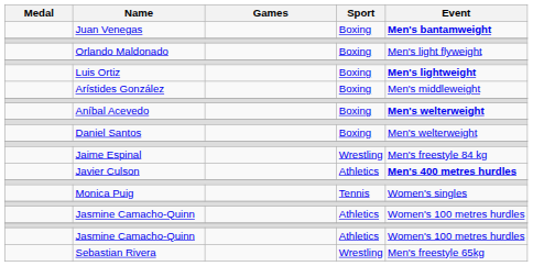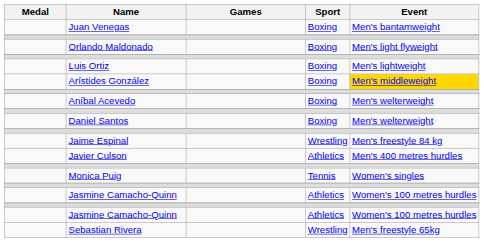 <table class="wikitable sortable">
 <tr>
 <th style="width:6em">Medal</th>
 <th style="width:12em">Name</th>
 <th style="width:12em">Games</th>
 <th>Sport</th>
 <th>Event</th>
 </tr>
 <tr>
 <td></td>
 <td><a href='#'>Juan Venegas</a></td>
 <td> </td>
 <td> <a href='#'>Boxing</a></td>
-<td><strong><a href='#'>Men's bantamweight</a></strong></td>
+<td><a href='#'>Men's bantamweight</a></td>
 </tr>
 <tr>
 </tr>
 <tr bgcolor=#DDDDDD>
 <td colspan=7></td>
 </tr>
 <tr>
 <td></td>
 <td><a href='#'>Orlando Maldonado</a></td>
 <td> </td>
 <td> <a href='#'>Boxing</a></td>
 <td><a href='#'>Men's light flyweight</a></td>
 </tr>
 <tr>
 </tr>
 <tr bgcolor=#DDDDDD>
 <td colspan=7></td>
 </tr>
 <tr>
 <td></td>
 <td><a href='#'>Luis Ortiz</a></td>
 <td> </td>
 <td> <a href='#'>Boxing</a></td>
-<td><strong><a href='#'>Men's lightweight</a></strong></td>
+<td><a href='#'>Men's lightweight</a></td>
 </tr>
 <tr>
 <td></td>
 <td><a href='#'>Arístides González</a></td>
 <td> </td>
 <td> <a href='#'>Boxing</a></td>
-<td><a href='#'>Men's middleweight</a></td>
+<td style="background: gold;"><a href='#'>Men's middleweight</a></td>
 </tr>
 <tr>
 </tr>
 <tr bgcolor=#DDDDDD>
 <td colspan=7></td>
 </tr>
 <tr>
 <td></td>
 <td><a href='#'>Aníbal Acevedo</a></td>
 <td> </td>
 <td> <a href='#'>Boxing</a></td>
-<td><strong><a href='#'>Men's welterweight</a></strong></td>
+<td><a href='#'>Men's welterweight</a></td>
 </tr>
 <tr>
 </tr>
 <tr bgcolor=#DDDDDD>
 <td colspan=7></td>
 </tr>
 <tr>
 <td></td>
 <td><a href='#'>Daniel Santos</a></td>
 <td> </td>
 <td> <a href='#'>Boxing</a></td>
 <td><a href='#'>Men's welterweight</a></td>
 </tr>
 <tr>
 </tr>
 <tr bgcolor=#DDDDDD>
 <td colspan=7></td>
 </tr>
 <tr>
 <td></td>
 <td><a href='#'>Jaime Espinal</a></td>
 <td> </td>
 <td> <a href='#'>Wrestling</a></td>
 <td><a href='#'>Men's freestyle 84 kg</a></td>
 </tr>
 <tr>
 <td></td>
 <td><a href='#'>Javier Culson</a></td>
 <td> </td>
 <td> <a href='#'>Athletics</a></td>
-<td><strong><a href='#'>Men's 400 metres hurdles</a></strong></td>
+<td><a href='#'>Men's 400 metres hurdles</a></td>
 </tr>
 <tr>
 </tr>
 <tr bgcolor=#DDDDDD>
 <td colspan=7></td>
 </tr>
 <tr>
 <td></td>
 <td><a href='#'>Monica Puig</a></td>
 <td> </td>
 <td> <a href='#'>Tennis</a></td>
 <td><a href='#'>Women's singles</a></td>
 </tr>
 <tr>
 </tr>
 <tr bgcolor=#DDDDDD>
 <td colspan=7></td>
 </tr>
 <tr>
 <td></td>
 <td><a href='#'>Jasmine Camacho-Quinn</a></td>
 <td> </td>
 <td> <a href='#'>Athletics</a></td>
 <td><a href='#'>Women's 100 metres hurdles</a></td>
 </tr>
 <tr>
 </tr>
 <tr bgcolor=#DDDDDD>
 <td colspan=7></td>
 </tr>
 <tr>
 <td></td>
 <td><a href='#'>Jasmine Camacho-Quinn</a></td>
 <td> </td>
 <td> <a href='#'>Athletics</a></td>
 <td><a href='#'>Women's 100 metres hurdles</a></td>
 </tr>
 <tr>
 <td></td>
 <td><a href='#'>Sebastian Rivera</a></td>
 <td> </td>
 <td> <a href='#'>Wrestling</a></td>
 <td><a href='#'>Men's freestyle 65kg</a></td>
 </tr>
 </table>
